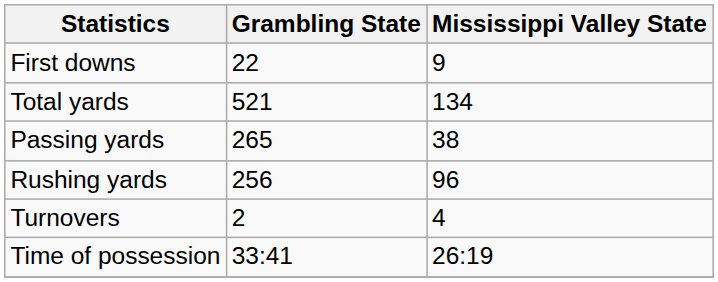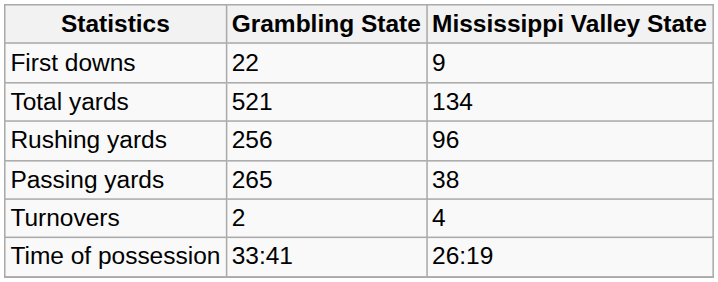 <table class="wikitable">
 <tr>
 <th>Statistics</th>
 <th>Grambling State</th>
 <th>Mississippi Valley State</th>
 </tr>
 <tr>
 <td>First downs</td>
 <td>22</td>
 <td>9</td>
 </tr>
 <tr>
 <td>Total yards</td>
 <td>521</td>
 <td>134</td>
 </tr>
 <tr>
+<td>Rushing yards</td>
+<td>256</td>
+<td>96</td>
+</tr>
+<tr>
 <td>Passing yards</td>
 <td>265</td>
 <td>38</td>
-</tr>
-<tr>
-<td>Rushing yards</td>
-<td>256</td>
-<td>96</td>
 </tr>
 <tr>
 <td>Turnovers</td>
 <td>2</td>
 <td>4</td>
 </tr>
 <tr>
 <td>Time of possession</td>
 <td>33:41</td>
 <td>26:19</td>
 </tr>
 <tr>
 </tr>
 </table>
